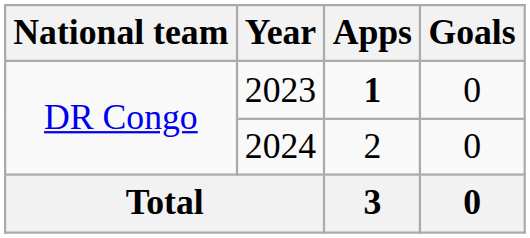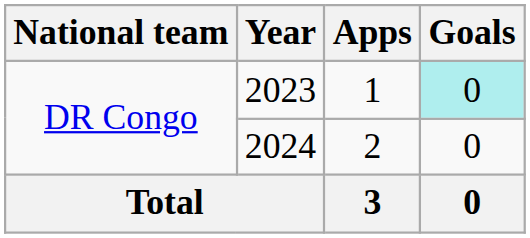 <table class="wikitable" style="text-align:center">
 <tr>
 <th>National team</th>
 <th>Year</th>
 <th>Apps</th>
 <th>Goals</th>
 </tr>
 <tr>
 <td rowspan="2"><a href='#'>DR Congo</a></td>
 <td>2023</td>
-<td><strong>1</strong></td>
-<td>0</td>
+<td>1</td>
+<td style="background: paleturquoise;">0</td>
 </tr>
 <tr>
 <td>2024</td>
 <td>2</td>
 <td>0</td>
 </tr>
 <tr>
 <th colspan="2">Total</th>
 <th>3</th>
 <th>0</th>
 </tr>
 </table>
